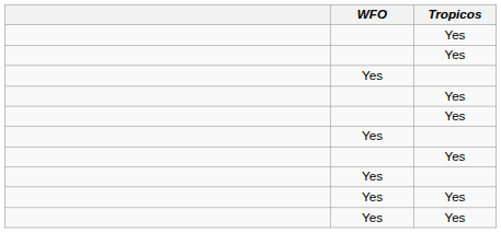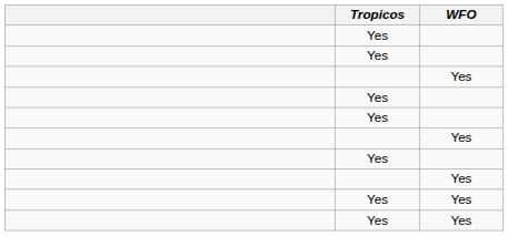 <table class="wikitable">
 <tr>
 <th style="width: 25em"></th>
+<th style="width: 6em"><strong><em>Tropicos</em></strong></th>
 <th style="width: 6em"><strong><em>WFO</em></strong></th>
-<th style="width: 6em"><strong><em>Tropicos</em></strong></th>
 </tr>
 <tr>
 <td style="vertical-align: top; text-align: left"> </td>
+<td style="vertical-align: top; text-align: center">Yes</td>
 <td style="vertical-align: top; text-align: center"></td>
+</tr>
+<tr>
+<td style="vertical-align: top; text-align: left"> </td>
 <td style="vertical-align: top; text-align: center">Yes</td>
+<td style="vertical-align: top; text-align: center"></td>
 </tr>
 <tr>
 <td style="vertical-align: top; text-align: left"> </td>
 <td style="vertical-align: top; text-align: center"></td>
 <td style="vertical-align: top; text-align: center">Yes</td>
 </tr>
 <tr>
 <td style="vertical-align: top; text-align: left"> </td>
 <td style="vertical-align: top; text-align: center">Yes</td>
 <td style="vertical-align: top; text-align: center"></td>
 </tr>
 <tr>
 <td style="vertical-align: top; text-align: left"> </td>
+<td style="vertical-align: top; text-align: center">Yes</td>
 <td style="vertical-align: top; text-align: center"></td>
-<td style="vertical-align: top; text-align: center">Yes</td>
 </tr>
 <tr>
 <td style="vertical-align: top; text-align: left"> </td>
 <td style="vertical-align: top; text-align: center"></td>
 <td style="vertical-align: top; text-align: center">Yes</td>
 </tr>
 <tr>
 <td style="vertical-align: top; text-align: left"> </td>
 <td style="vertical-align: top; text-align: center">Yes</td>
 <td style="vertical-align: top; text-align: center"></td>
 </tr>
 <tr>
 <td style="vertical-align: top; text-align: left"> </td>
 <td style="vertical-align: top; text-align: center"></td>
 <td style="vertical-align: top; text-align: center">Yes</td>
 </tr>
 <tr>
 <td style="vertical-align: top; text-align: left"> </td>
 <td style="vertical-align: top; text-align: center">Yes</td>
-<td style="vertical-align: top; text-align: center"></td>
-</tr>
-<tr>
-<td style="vertical-align: top; text-align: left"> </td>
-<td style="vertical-align: top; text-align: center">Yes</td>
 <td style="vertical-align: top; text-align: center">Yes</td>
 </tr>
 <tr>
 <td style="vertical-align: top; text-align: left"> </td>
 <td style="vertical-align: top; text-align: center">Yes</td>
 <td style="vertical-align: top; text-align: center">Yes</td>
 </tr>
 </table>
